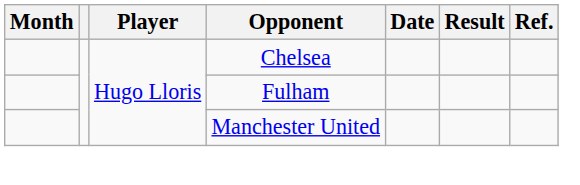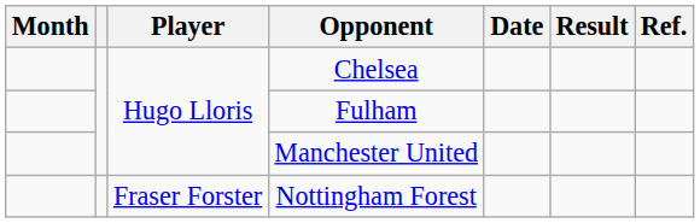 <table class="wikitable sortable" style="text-align:center">
 <tr>
 <th>Month</th>
 <th></th>
 <th>Player</th>
 <th>Opponent</th>
 <th>Date</th>
 <th>Result</th>
 <th class="unsortable">Ref.</th>
 </tr>
 <tr>
 <td></td>
 <td rowspan="3"></td>
 <td rowspan="3" data-sort-value="Lloris, Hugo"><a href='#'>Hugo Lloris</a></td>
 <td><a href='#'>Chelsea</a></td>
 <td></td>
 <td></td>
 <td></td>
 </tr>
 <tr>
 <td></td>
 <td><a href='#'>Fulham</a></td>
 <td></td>
 <td></td>
 <td></td>
 </tr>
 <tr>
 <td></td>
 <td><a href='#'>Manchester United</a></td>
 <td></td>
 <td></td>
 <td></td>
 </tr>
+<tr>
+<td></td>
+<td></td>
+<td data-sort-value="Forster, Fraser"><a href='#'>Fraser Forster</a></td>
+<td><a href='#'>Nottingham Forest</a></td>
+<td></td>
+<td></td>
+<td></td>
+</tr>
 </table>
